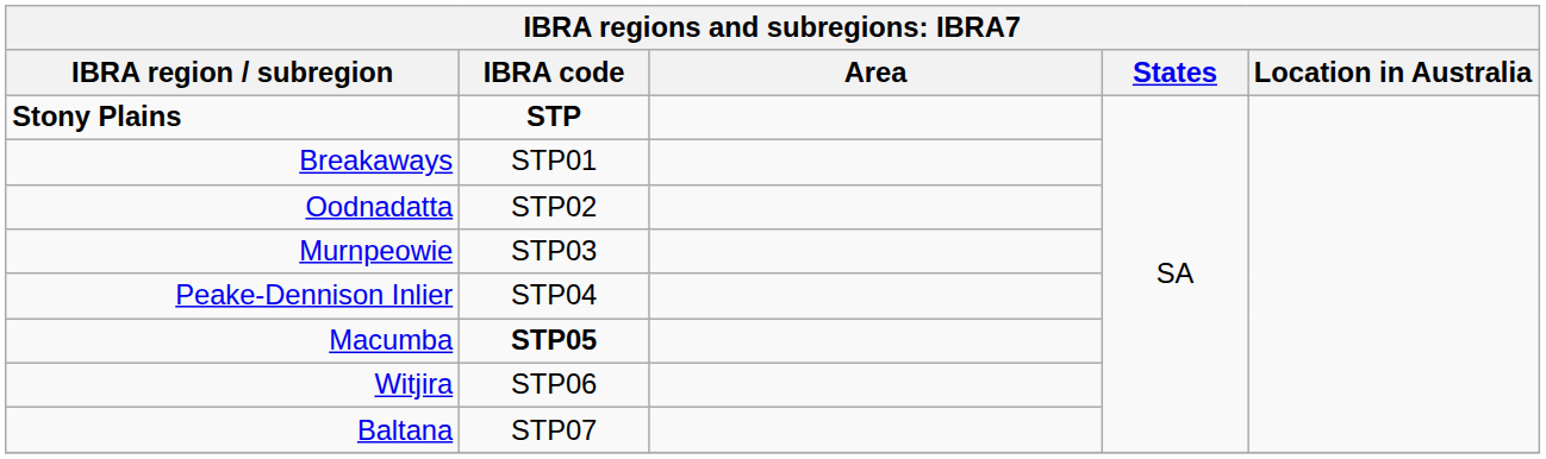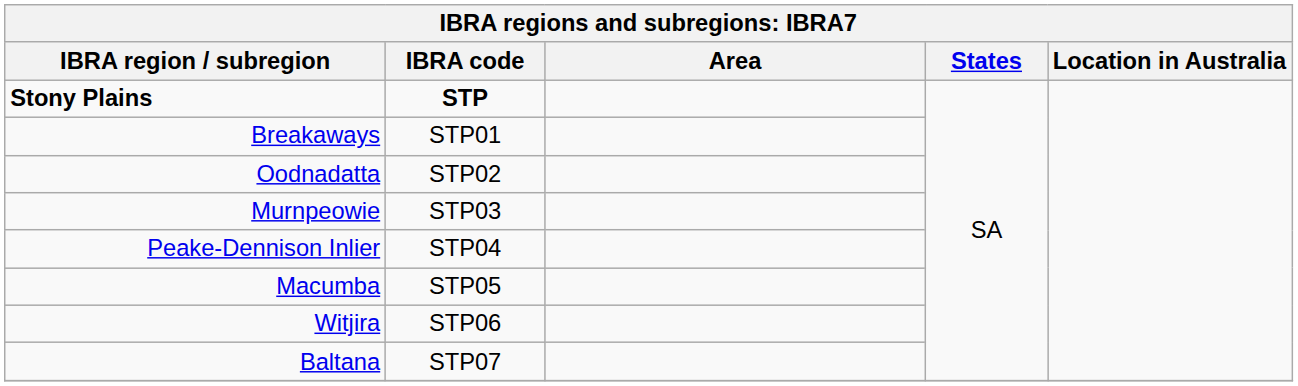 <table class="wikitable sortable">
 <tr>
 <th rowwidth=100px colspan=5>IBRA regions and subregions: IBRA7</th>
 </tr>
 <tr>
 <th scope="col" width="250px">IBRA region / subregion</th>
 <th scope="col" width="100px">IBRA code</th>
 <th scope="col" width="250px">Area</th>
 <th scope="col" width="75px"><a href='#'>States</a></th>
 <th>Location in Australia</th>
 </tr>
 <tr>
 <td><strong>Stony Plains</strong></td>
 <td align="center"><strong>STP</strong></td>
 <td align="right"><strong></strong></td>
 <td align="center" rowspan=8>SA</td>
 <td align="center" rowspan=8></td>
 </tr>
 <tr>
 <td align="right"><a href='#'>Breakaways</a></td>
 <td align="center">STP01</td>
 <td align="right"></td>
 </tr>
 <tr>
 <td align="right"><a href='#'>Oodnadatta</a></td>
 <td align="center">STP02</td>
 <td align="right"></td>
 </tr>
 <tr>
 <td align="right"><a href='#'>Murnpeowie</a></td>
 <td align="center">STP03</td>
 <td align="right"></td>
 </tr>
 <tr>
 <td align="right"><a href='#'>Peake-Dennison Inlier</a></td>
 <td align="center">STP04</td>
 <td align="right"></td>
 </tr>
 <tr>
 <td align="right"><a href='#'>Macumba</a></td>
-<td align="center"><strong>STP05</strong></td>
+<td align="center">STP05</td>
 <td align="right"></td>
 </tr>
 <tr>
 <td align="right"><a href='#'>Witjira</a></td>
 <td align="center">STP06</td>
 <td align="right"></td>
 </tr>
 <tr>
 <td align="right"><a href='#'>Baltana</a></td>
 <td align="center">STP07</td>
 <td align="right"></td>
 </tr>
 <tr>
 </tr>
 </table>
